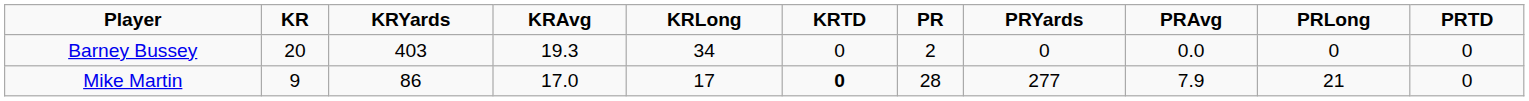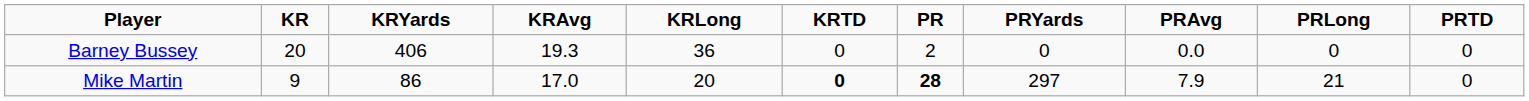 <table class="wikitable" width="80%">
 <tr align="center">
 <td><strong>Player</strong></td>
 <td><strong>KR</strong></td>
 <td><strong>KRYards</strong></td>
 <td><strong>KRAvg</strong></td>
 <td><strong>KRLong</strong></td>
 <td><strong>KRTD</strong></td>
 <td><strong>PR</strong></td>
 <td><strong>PRYards</strong></td>
 <td><strong>PRAvg</strong></td>
 <td><strong>PRLong</strong></td>
 <td><strong>PRTD</strong></td>
 </tr>
 <tr align="center" bgcolor="">
 <td><a href='#'>Barney Bussey</a></td>
 <td>20</td>
-<td>403</td>
+<td>406</td>
 <td>19.3</td>
-<td>34</td>
+<td>36</td>
 <td>0</td>
 <td>2</td>
 <td>0</td>
 <td>0.0</td>
 <td>0</td>
 <td>0</td>
 </tr>
 <tr align="center" bgcolor="">
 <td><a href='#'>Mike Martin</a></td>
 <td>9</td>
 <td>86</td>
 <td>17.0</td>
-<td>17</td>
+<td>20</td>
 <td><strong>0</strong></td>
-<td>28</td>
-<td>277</td>
+<td><strong>28</strong></td>
+<td>297</td>
 <td>7.9</td>
 <td>21</td>
 <td>0</td>
 </tr>
 </table>
